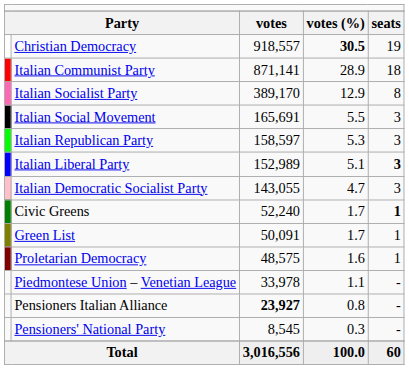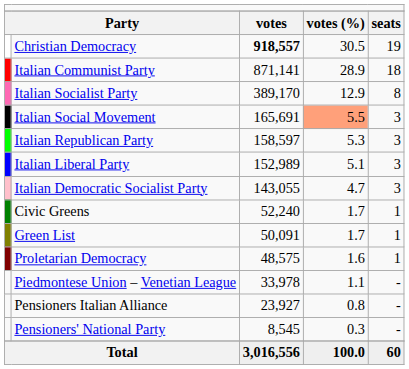 <table class="wikitable" style="font-size:95%">
 <tr>
 <td colspan=5 align=center></td>
 </tr>
 <tr>
 </tr>
 <tr bgcolor="EFEFEF">
 <th colspan=2>Party</th>
 <th>votes</th>
 <th>votes (%)</th>
 <th>seats</th>
 </tr>
 <tr>
 <td bgcolor=white></td>
 <td><a href='#'>Christian Democracy</a></td>
-<td align=right>918,557</td>
-<td align=right><strong>30.5</strong></td>
+<td align=right><strong>918,557</strong></td>
+<td align=right>30.5</td>
 <td align=right>19</td>
 </tr>
 <tr>
 <td bgcolor=red></td>
 <td><a href='#'>Italian Communist Party</a></td>
 <td align=right>871,141</td>
 <td align=right>28.9</td>
 <td align=right>18</td>
 </tr>
 <tr>
 <td bgcolor=hotpink></td>
 <td><a href='#'>Italian Socialist Party</a></td>
 <td align=right>389,170</td>
 <td align=right>12.9</td>
 <td align=right>8</td>
 </tr>
 <tr>
 <td bgcolor=black></td>
 <td><a href='#'>Italian Social Movement</a></td>
 <td align=right>165,691</td>
-<td align=right>5.5</td>
+<td align=right style="background: lightsalmon;">5.5</td>
 <td align=right>3</td>
 </tr>
 <tr>
 <td bgcolor=lime></td>
 <td><a href='#'>Italian Republican Party</a></td>
 <td align=right>158,597</td>
 <td align=right>5.3</td>
 <td align=right>3</td>
 </tr>
 <tr>
 <td bgcolor=blue></td>
 <td><a href='#'>Italian Liberal Party</a></td>
 <td align=right>152,989</td>
 <td align=right>5.1</td>
-<td align=right><strong>3</strong></td>
+<td align=right>3</td>
 </tr>
 <tr>
 <td bgcolor=pink></td>
 <td><a href='#'>Italian Democratic Socialist Party</a></td>
 <td align=right>143,055</td>
 <td align=right>4.7</td>
 <td align=right>3</td>
 </tr>
 <tr>
 <td bgcolor=green></td>
 <td>Civic Greens</td>
 <td align=right>52,240</td>
 <td align=right>1.7</td>
-<td align=right><strong>1</strong></td>
+<td align=right>1</td>
 </tr>
 <tr>
 <td bgcolor=olive></td>
 <td><a href='#'>Green List</a></td>
 <td align=right>50,091</td>
 <td align=right>1.7</td>
 <td align=right>1</td>
 </tr>
 <tr>
 <td bgcolor=maroon></td>
 <td><a href='#'>Proletarian Democracy</a></td>
 <td align=right>48,575</td>
 <td align=right>1.6</td>
 <td align=right>1</td>
 </tr>
 <tr>
 <td></td>
 <td><a href='#'>Piedmontese Union</a> – <a href='#'>Venetian League</a></td>
 <td align=right>33,978</td>
 <td align=right>1.1</td>
 <td align=right>-</td>
 </tr>
 <tr>
 <td></td>
 <td>Pensioners Italian Alliance</td>
-<td align=right><strong>23,927</strong></td>
+<td align=right>23,927</td>
 <td align=right>0.8</td>
 <td align=right>-</td>
 </tr>
 <tr>
 <td></td>
 <td><a href='#'>Pensioners' National Party</a></td>
 <td align=right>8,545</td>
 <td align=right>0.3</td>
 <td align=right>-</td>
 </tr>
 <tr>
 </tr>
 <tr bgcolor="EFEFEF">
 <th colspan=2><strong>Total</strong></th>
 <td align=right><strong>3,016,556</strong></td>
 <td align=right><strong>100.0</strong></td>
 <td align=right><strong>60</strong></td>
 </tr>
 </table>
